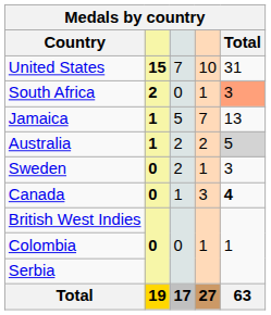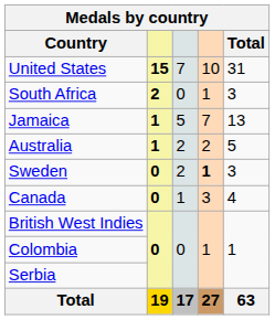 <table class=wikitable>
 <tr>
 <th colspan=5>Medals by country</th>
 </tr>
 <tr>
 <th>Country</th>
 <td bgcolor=F7F6A8></td>
 <td bgcolor=DCE5E5></td>
 <td bgcolor=FFDAB9></td>
 <th>Total</th>
 </tr>
 <tr>
 <td> <a href='#'>United States</a></td>
 <td bgcolor=F7F6A8><strong>15</strong></td>
 <td bgcolor=DCE5E5>7</td>
 <td bgcolor=FFDAB9>10</td>
 <td>31</td>
 </tr>
 <tr>
 <td> <a href='#'>South Africa</a></td>
 <td bgcolor=F7F6A8><strong>2</strong></td>
 <td bgcolor=DCE5E5>0</td>
 <td bgcolor=FFDAB9>1</td>
-<td style="background: lightsalmon;">3</td>
+<td>3</td>
 </tr>
 <tr>
 <td> <a href='#'>Jamaica</a></td>
 <td bgcolor=F7F6A8><strong>1</strong></td>
 <td bgcolor=DCE5E5>5</td>
 <td bgcolor=FFDAB9>7</td>
 <td>13</td>
 </tr>
 <tr>
 <td> <a href='#'>Australia</a></td>
 <td bgcolor=F7F6A8><strong>1</strong></td>
 <td bgcolor=DCE5E5>2</td>
 <td bgcolor=FFDAB9>2</td>
-<td style="background: lightgrey;">5</td>
+<td>5</td>
 </tr>
 <tr>
 <td> <a href='#'>Sweden</a></td>
 <td bgcolor=F7F6A8><strong>0</strong></td>
 <td bgcolor=DCE5E5>2</td>
-<td bgcolor=FFDAB9>1</td>
+<td bgcolor=FFDAB9><strong>1</strong></td>
 <td>3</td>
 </tr>
 <tr>
 <td> <a href='#'>Canada</a></td>
 <td bgcolor=F7F6A8><strong>0</strong></td>
 <td bgcolor=DCE5E5>1</td>
 <td bgcolor=FFDAB9>3</td>
-<td><strong>4</strong></td>
+<td>4</td>
 </tr>
 <tr>
 <td> <a href='#'>British West Indies</a></td>
 <td rowspan=3 bgcolor=F7F6A8><strong>0</strong></td>
 <td rowspan=3 bgcolor=DCE5E5>0</td>
 <td rowspan=3 bgcolor=FFDAB9>1</td>
 <td rowspan=3>1</td>
 </tr>
 <tr>
 <td> <a href='#'>Colombia</a></td>
 </tr>
 <tr>
 <td> <a href='#'>Serbia</a></td>
 </tr>
 <tr>
 <th>Total</th>
 <th style=background:gold>19</th>
 <th style=background:silver>17</th>
 <th style=background:#c96>27</th>
 <th>63</th>
 </tr>
 </table>
